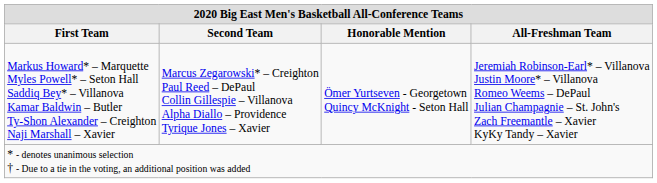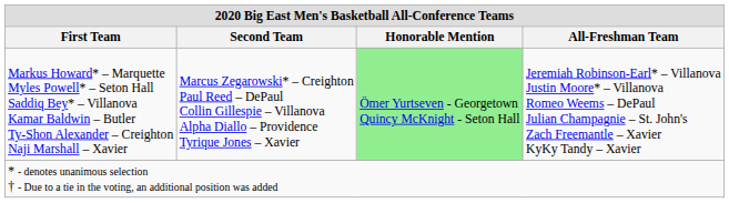 <table class="wikitable" style="white-space:nowrap; font-size:90%;">
 <tr>
 <td colspan="7" style="text-align:center; background:#ddd;"><strong>2020 Big East Men's Basketball All-Conference Teams</strong></td>
 </tr>
 <tr>
 <th>First Team</th>
 <th>Second Team</th>
 <th>Honorable Mention</th>
 <th>All-Freshman Team</th>
 </tr>
 <tr>
 <td><br><a href='#'>Markus Howard</a>* – Marquette<br> <a href='#'>Myles Powell</a>* – Seton Hall<br> <a href='#'>Saddiq Bey</a>* – Villanova<br> <a href='#'>Kamar Baldwin</a> – Butler<br> <a href='#'>Ty-Shon Alexander</a> – Creighton<br> <a href='#'>Naji Marshall</a> – Xavier</td>
 <td><br><a href='#'>Marcus Zegarowski</a>* – Creighton<br> <a href='#'>Paul Reed</a> – DePaul<br> <a href='#'>Collin Gillespie</a> – Villanova<br> <a href='#'>Alpha Diallo</a> – Providence<br> <a href='#'>Tyrique Jones</a> – Xavier</td>
-<td><br><a href='#'>Ömer Yurtseven</a> - Georgetown<br> <a href='#'>Quincy McKnight</a> - Seton Hall</td>
+<td style="background: lightgreen;"><br><a href='#'>Ömer Yurtseven</a> - Georgetown<br> <a href='#'>Quincy McKnight</a> - Seton Hall</td>
 <td><br><a href='#'>Jeremiah Robinson-Earl</a>* – Villanova<br> <a href='#'>Justin Moore</a>* – Villanova<br> <a href='#'>Romeo Weems</a> – DePaul<br> <a href='#'>Julian Champagnie</a> – St. John's<br> <a href='#'>Zach Freemantle</a> – Xavier<br> KyKy Tandy – Xavier</td>
 </tr>
 <tr>
 <td colspan="5" style="text-align:left;">* <small>- denotes unanimous selection</small><br> † <small>- Due to a tie in the voting, an additional position was added</small></td>
 </tr>
 </table>
